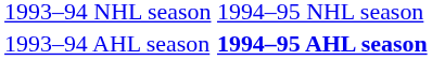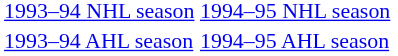 <table>
 <tr>
 <td><a href='#'>1993–94 NHL season</a></td>
 <td><a href='#'>1994–95 NHL season</a></td>
 </tr>
 <tr>
 <td><a href='#'>1993–94 AHL season</a></td>
-<td><strong><a href='#'>1994–95 AHL season</a></strong></td>
+<td><a href='#'>1994–95 AHL season</a></td>
 </tr>
 <tr>
 </tr>
 </table>
